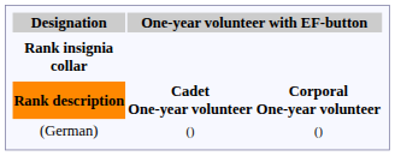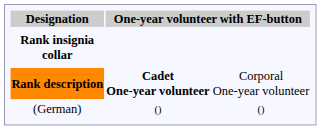 <table style="border:1px solid #8888aa; background-color:#f7f8ff; padding:5px; font-size:95%; right; margin: 0px 12px 12px 0px;">
 <tr bgcolor="#CCCCCC">
 <th>Designation</th>
 <th colspan=4><strong>One-year volunteer with EF-button</strong></th>
 </tr>
 <tr align="center">
 <th></th>
 <th rowspan=3></th>
 <th rowspan=3></th>
 </tr>
 <tr align="center">
 <th rowspan=1>Rank insignia<br>collar</th>
 </tr>
 <tr align="center">
 <th></th>
 </tr>
 <tr align="center">
 <th style="background:#ff8800; color:black;">Rank description</th>
 <td><strong>Cadet<br>One-year volunteer<br></strong></td>
-<td><strong>Corporal<br>One-year volunteer<br></strong></td>
+<td>Corporal<br>One-year volunteer<br></td>
 </tr>
 <tr align="center">
 <td>(German)</td>
 <td><small>()</small></td>
 <td><small>()</small></td>
 </tr>
 <tr align="center">
 </tr>
 </table>
